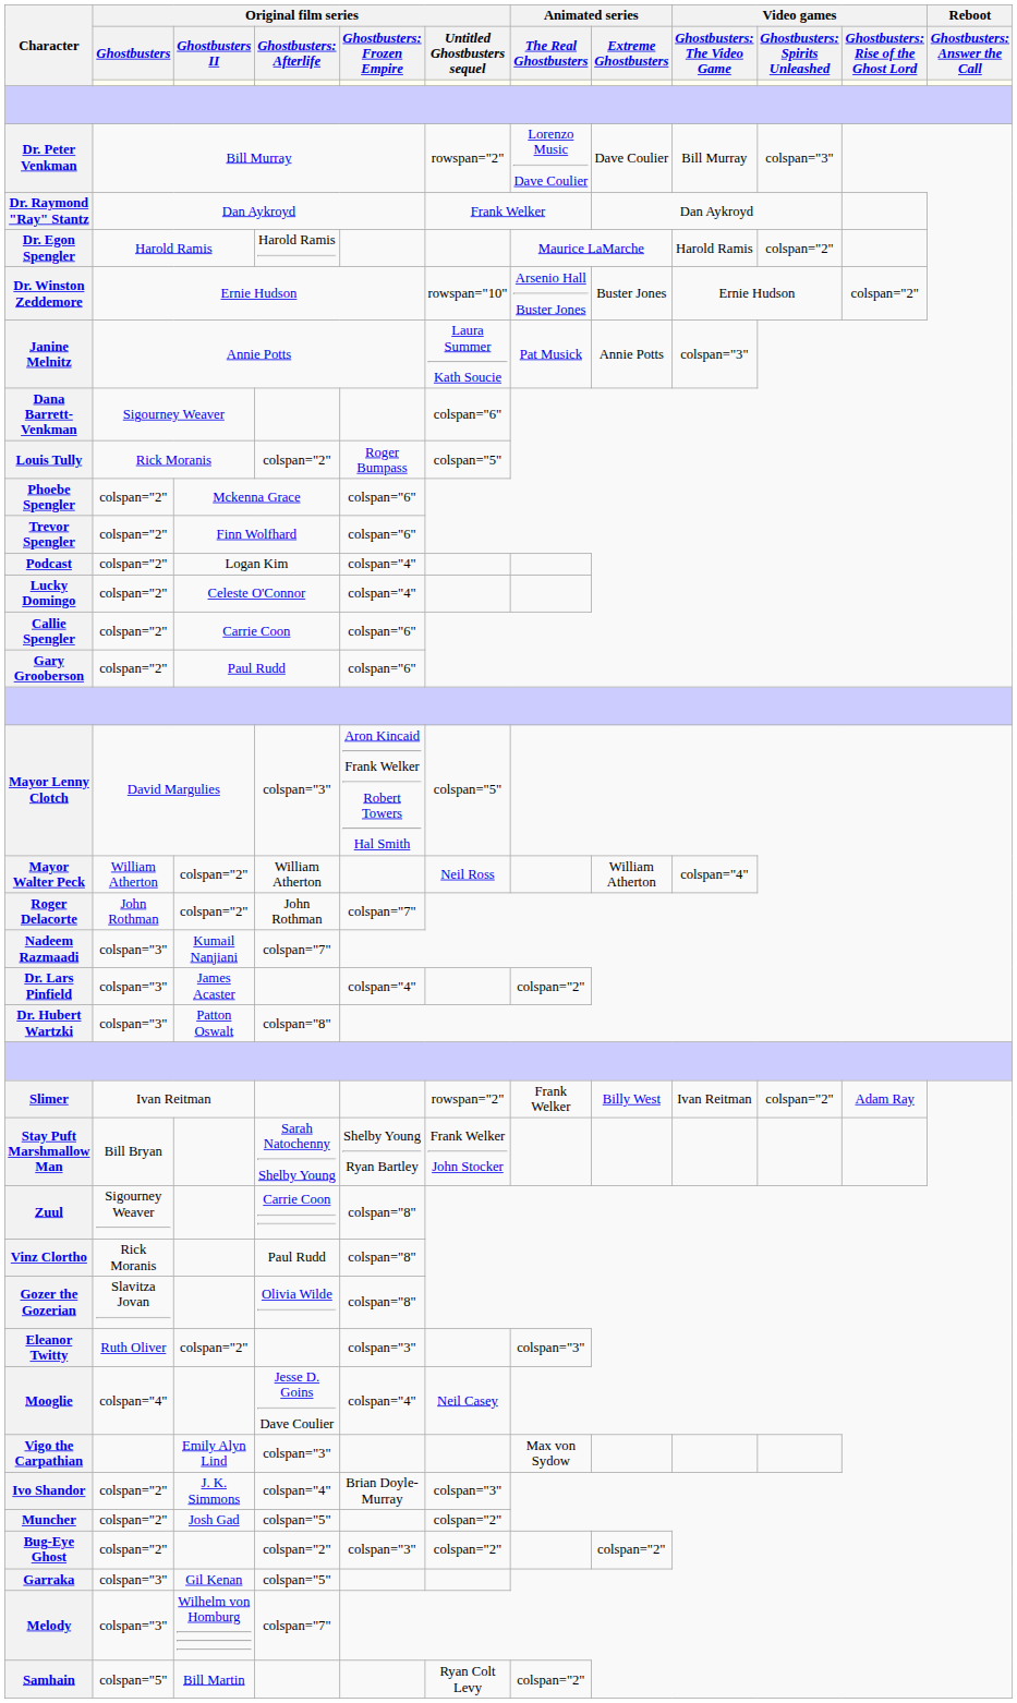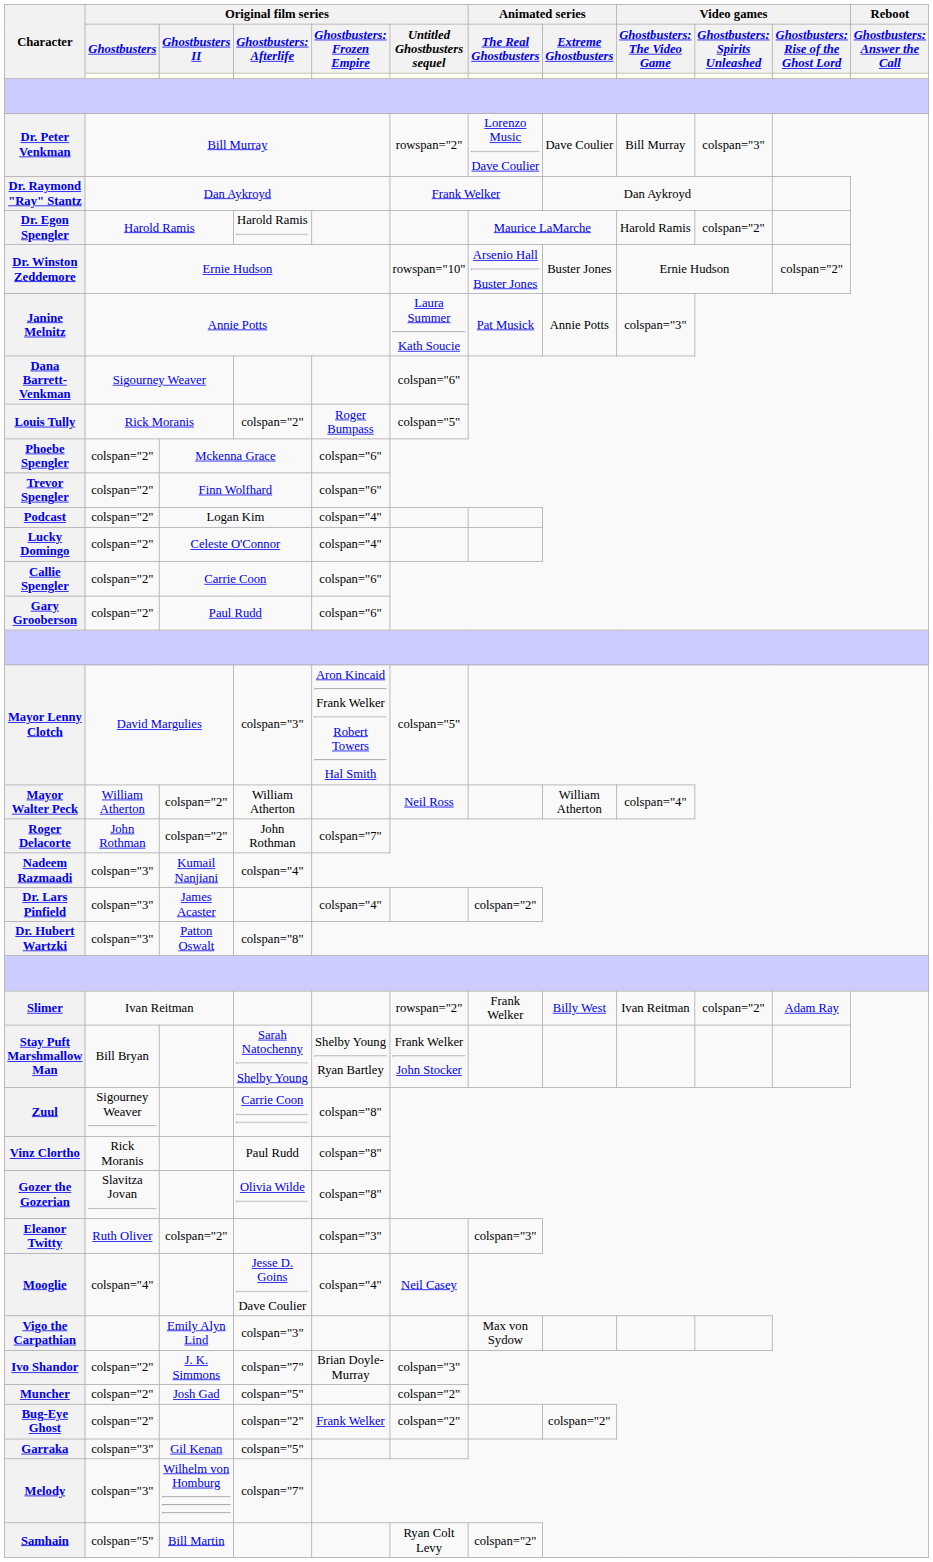 <table class="wikitable" style="text-align:center;">
 <tr>
 <th rowspan="3">Character</th>
 <th colspan="5">Original film series</th>
 <th colspan="2">Animated series</th>
 <th colspan="3">Video games</th>
 <th>Reboot</th>
 </tr>
 <tr>
 <th><em><a href='#'>Ghostbusters</a></em></th>
 <th><em><a href='#'>Ghostbusters II</a></em></th>
 <th><em><a href='#'>Ghostbusters:<br>Afterlife</a></em></th>
 <th><em><a href='#'>Ghostbusters:<br>Frozen Empire</a></em></th>
 <th><em>Untitled Ghostbusters sequel</em></th>
 <th><em><a href='#'>The Real Ghostbusters</a></em></th>
 <th><em><a href='#'>Extreme Ghostbusters</a></em></th>
 <th><em><a href='#'>Ghostbusters:<br>The Video Game</a></em></th>
 <th><em><a href='#'>Ghostbusters:<br>Spirits Unleashed</a></em></th>
 <th><em><a href='#'>Ghostbusters:<br>Rise of the Ghost Lord</a></em></th>
 <th><em><a href='#'>Ghostbusters:<br>Answer the Call</a></em></th>
 </tr>
 <tr>
 <th style="background:ivory;"></th>
 <th style="background:ivory;"></th>
 <th style="background:ivory;"></th>
 <th style="background:ivory;"></th>
 <th style="background:ivory;"></th>
 <th style="background:ivory;"></th>
 <th style="background:ivory;"></th>
 <th style="background:ivory;"></th>
 <th style="background:ivory;"></th>
 <th style="background:ivory;"></th>
 <th style="background:ivory;"></th>
 </tr>
 <tr>
 <th colspan="12" style="background-color:#ccccff;"><br><h3></h3></th>
 </tr>
 <tr>
 <th><a href='#'>Dr. Peter Venkman</a></th>
 <td colspan="4"><a href='#'>Bill Murray</a></td>
 <td>rowspan="2" </td>
 <td><a href='#'>Lorenzo Music</a><hr><a href='#'>Dave Coulier</a></td>
 <td>Dave Coulier</td>
 <td>Bill Murray</td>
 <td>colspan="3" </td>
 </tr>
 <tr>
 <th><a href='#'>Dr. Raymond "Ray" Stantz</a></th>
 <td colspan="4"><a href='#'>Dan Aykroyd</a></td>
 <td colspan="2"><a href='#'>Frank Welker</a></td>
 <td colspan="3">Dan Aykroyd</td>
 <td></td>
 </tr>
 <tr>
 <th><a href='#'>Dr. Egon Spengler</a></th>
 <td colspan="2"><a href='#'>Harold Ramis</a></td>
 <td>Harold Ramis<hr></td>
 <td></td>
 <td></td>
 <td colspan="2"><a href='#'>Maurice LaMarche</a></td>
 <td>Harold Ramis</td>
 <td>colspan="2" </td>
 <td></td>
 </tr>
 <tr>
 <th><a href='#'>Dr. Winston Zeddemore</a></th>
 <td colspan="4"><a href='#'>Ernie Hudson</a></td>
 <td>rowspan="10" </td>
 <td><a href='#'>Arsenio Hall</a><hr><a href='#'>Buster Jones</a></td>
 <td>Buster Jones</td>
 <td colspan="2">Ernie Hudson</td>
 <td>colspan="2" </td>
 </tr>
 <tr>
 <th><a href='#'>Janine Melnitz</a></th>
 <td colspan="4"><a href='#'>Annie Potts</a></td>
 <td><a href='#'>Laura Summer</a><hr><a href='#'>Kath Soucie</a></td>
 <td><a href='#'>Pat Musick</a></td>
 <td>Annie Potts</td>
 <td>colspan="3" </td>
 </tr>
 <tr>
 <th><a href='#'>Dana Barrett-Venkman</a></th>
 <td colspan="2"><a href='#'>Sigourney Weaver</a></td>
 <td></td>
 <td></td>
 <td>colspan="6" </td>
 </tr>
 <tr>
 <th><a href='#'>Louis Tully</a></th>
 <td colspan="2"><a href='#'>Rick Moranis</a></td>
 <td>colspan="2" </td>
 <td><a href='#'>Roger Bumpass</a></td>
 <td>colspan="5" </td>
 </tr>
 <tr>
 <th><a href='#'>Phoebe Spengler</a></th>
 <td>colspan="2" </td>
 <td colspan="2"><a href='#'>Mckenna Grace</a></td>
 <td>colspan="6" </td>
 </tr>
 <tr>
 <th><a href='#'>Trevor Spengler</a></th>
 <td>colspan="2" </td>
 <td colspan="2"><a href='#'>Finn Wolfhard</a></td>
 <td>colspan="6" </td>
 </tr>
 <tr>
 <th><a href='#'>Podcast</a></th>
 <td>colspan="2" </td>
 <td colspan="2">Logan Kim</td>
 <td>colspan="4" </td>
 <td></td>
 <td></td>
 </tr>
 <tr>
 <th><a href='#'>Lucky Domingo</a></th>
 <td>colspan="2" </td>
 <td colspan="2"><a href='#'>Celeste O'Connor</a></td>
 <td>colspan="4" </td>
 <td></td>
 <td></td>
 </tr>
 <tr>
 <th><a href='#'>Callie Spengler</a></th>
 <td>colspan="2" </td>
 <td colspan="2"><a href='#'>Carrie Coon</a></td>
 <td>colspan="6" </td>
 </tr>
 <tr>
 <th><a href='#'>Gary Grooberson</a></th>
 <td>colspan="2" </td>
 <td colspan="2"><a href='#'>Paul Rudd</a></td>
 <td>colspan="6" </td>
 </tr>
 <tr>
 <th colspan="12" style="background-color:#ccccff;"><br><h3></h3></th>
 </tr>
 <tr>
 <th><a href='#'>Mayor Lenny Clotch</a></th>
 <td colspan="2"><a href='#'>David Margulies</a></td>
 <td>colspan="3" </td>
 <td><a href='#'>Aron Kincaid</a><hr>Frank Welker<hr><a href='#'>Robert Towers</a><hr><a href='#'>Hal Smith</a></td>
 <td>colspan="5" </td>
 </tr>
 <tr>
 <th><a href='#'>Mayor Walter Peck</a></th>
 <td><a href='#'>William Atherton</a></td>
 <td>colspan="2" </td>
 <td>William Atherton</td>
 <td></td>
 <td><a href='#'>Neil Ross</a></td>
 <td></td>
 <td>William Atherton</td>
 <td>colspan="4" </td>
 </tr>
 <tr>
 <th><a href='#'>Roger Delacorte</a></th>
 <td><a href='#'>John Rothman</a></td>
 <td>colspan="2" </td>
 <td>John Rothman</td>
 <td>colspan="7" </td>
 </tr>
 <tr>
 <th><a href='#'>Nadeem Razmaadi</a></th>
 <td>colspan="3" </td>
 <td><a href='#'>Kumail Nanjiani</a></td>
-<td>colspan="7" </td>
+<td>colspan="4" </td>
 </tr>
 <tr>
 <th><a href='#'>Dr. Lars Pinfield</a></th>
 <td>colspan="3" </td>
 <td><a href='#'>James Acaster</a></td>
 <td></td>
 <td>colspan="4" </td>
 <td></td>
 <td>colspan="2" </td>
 </tr>
 <tr>
 <th><a href='#'>Dr. Hubert Wartzki</a></th>
 <td>colspan="3" </td>
 <td><a href='#'>Patton Oswalt</a></td>
 <td>colspan="8" </td>
 </tr>
 <tr>
 <th colspan="12" style="background-color:#ccccff;"><br><h3></h3></th>
 </tr>
 <tr>
 <th><a href='#'>Slimer</a></th>
 <td colspan="2">Ivan Reitman</td>
 <td></td>
 <td></td>
 <td>rowspan="2" </td>
 <td>Frank Welker</td>
 <td><a href='#'>Billy West</a></td>
 <td>Ivan Reitman</td>
 <td>colspan="2" </td>
 <td><a href='#'>Adam Ray</a></td>
 </tr>
 <tr>
 <th><a href='#'>Stay Puft Marshmallow Man<br></a></th>
 <td>Bill Bryan</td>
 <td></td>
 <td><a href='#'>Sarah Natochenny</a><hr><a href='#'>Shelby Young</a></td>
 <td>Shelby Young<hr>Ryan Bartley</td>
 <td>Frank Welker<hr><a href='#'>John Stocker</a></td>
 <td></td>
 <td></td>
 <td></td>
 <td></td>
 <td></td>
 </tr>
 <tr>
 <th><a href='#'>Zuul<br></a></th>
 <td>Sigourney Weaver<hr></td>
 <td></td>
 <td><a href='#'>Carrie Coon</a><hr><hr></td>
 <td>colspan="8" </td>
 </tr>
 <tr>
 <th><a href='#'>Vinz Clortho<br></a></th>
 <td>Rick Moranis</td>
 <td></td>
 <td>Paul Rudd</td>
 <td>colspan="8" </td>
 </tr>
 <tr>
 <th><a href='#'>Gozer the Gozerian</a></th>
 <td>Slavitza Jovan<hr></td>
 <td></td>
 <td><a href='#'>Olivia Wilde</a><hr></td>
 <td>colspan="8" </td>
 </tr>
 <tr>
 <th><a href='#'>Eleanor Twitty</a></th>
 <td><a href='#'>Ruth Oliver</a></td>
 <td>colspan="2" </td>
 <td></td>
 <td>colspan="3" </td>
 <td></td>
 <td>colspan="3" </td>
 </tr>
 <tr>
 <th><a href='#'>Mooglie<br></a></th>
 <td>colspan="4" </td>
 <td></td>
 <td><a href='#'>Jesse D. Goins</a><hr>Dave Coulier</td>
 <td>colspan="4" </td>
 <td><a href='#'>Neil Casey</a></td>
 </tr>
 <tr>
 <th><a href='#'>Vigo the Carpathian</a></th>
 <td></td>
 <td><a href='#'>Emily Alyn Lind</a></td>
 <td>colspan="3" </td>
 <td></td>
 <td></td>
 <td>Max von Sydow</td>
 <td></td>
 <td></td>
 <td></td>
 </tr>
 <tr>
 <th><a href='#'>Ivo Shandor</a></th>
 <td>colspan="2" </td>
 <td><a href='#'>J. K. Simmons</a></td>
-<td>colspan="4" </td>
+<td>colspan="7" </td>
 <td>Brian Doyle-Murray</td>
 <td>colspan="3" </td>
 </tr>
 <tr>
 <th><a href='#'>Muncher</a></th>
 <td>colspan="2" </td>
 <td><a href='#'>Josh Gad</a></td>
 <td>colspan="5" </td>
 <td></td>
 <td>colspan="2" </td>
 </tr>
 <tr>
 <th><a href='#'>Bug-Eye Ghost</a></th>
 <td>colspan="2" </td>
 <td></td>
 <td>colspan="2" </td>
-<td>colspan="3" </td>
+<td><a href='#'>Frank Welker</a></td>
 <td>colspan="2" </td>
 <td></td>
 <td>colspan="2" </td>
 </tr>
 <tr>
 <th><a href='#'>Garraka</a></th>
 <td>colspan="3" </td>
 <td><a href='#'>Gil Kenan</a></td>
 <td>colspan="5" </td>
 <td></td>
 <td></td>
 </tr>
 <tr>
 <th><a href='#'>Melody</a></th>
 <td>colspan="3" </td>
 <td><a href='#'>Wilhelm von Homburg</a><hr><hr><hr></td>
 <td>colspan="7" </td>
 </tr>
 <tr>
 <th><a href='#'>Samhain</a></th>
 <td>colspan="5" </td>
 <td><a href='#'>Bill Martin</a></td>
 <td></td>
 <td></td>
 <td>Ryan Colt Levy</td>
 <td>colspan="2" </td>
 </tr>
 </table>
